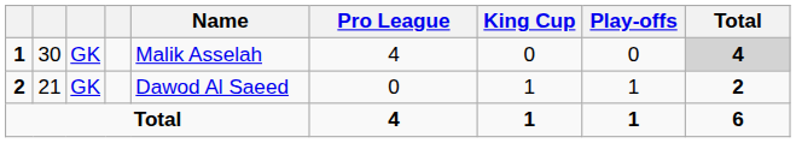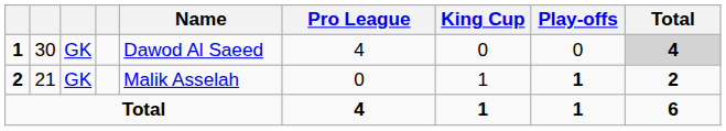 <table class="wikitable" style="text-align:center">
 <tr>
 <th width=15></th>
 <th width=15></th>
 <th width=15></th>
 <th width=15></th>
 <th width=145>Name</th>
 <th width=135><a href='#'>Pro League</a></th>
 <th width=80><a href='#'>King Cup</a></th>
 <th width=80><a href='#'>Play-offs</a></th>
 <th width=80>Total</th>
 </tr>
 <tr>
 <td><strong>1</strong></td>
 <td>30</td>
 <td><a href='#'>GK</a></td>
 <td></td>
-<td align=left><a href='#'>Malik Asselah</a></td>
+<td align=left><a href='#'>Dawod Al Saeed</a></td>
 <td>4</td>
 <td>0</td>
 <td>0</td>
 <td style="background: lightgrey;"><strong>4</strong></td>
 </tr>
 <tr>
 <td><strong>2</strong></td>
 <td>21</td>
 <td><a href='#'>GK</a></td>
 <td></td>
-<td align=left><a href='#'>Dawod Al Saeed</a></td>
+<td align=left><a href='#'>Malik Asselah</a></td>
 <td>0</td>
 <td>1</td>
-<td>1</td>
+<td><strong>1</strong></td>
 <td><strong>2</strong></td>
 </tr>
 <tr>
 <td colspan=5><strong>Total</strong></td>
 <td><strong>4</strong></td>
 <td><strong>1</strong></td>
 <td><strong>1</strong></td>
 <td><strong>6</strong></td>
 </tr>
 </table>
